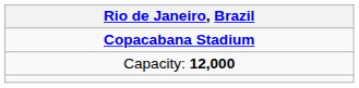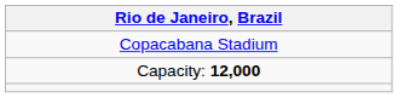 <table class=wikitable style=text-align:center width=19%>
 <tr>
 <th> <a href='#'>Rio de Janeiro</a>, <a href='#'>Brazil</a></th>
 </tr>
 <tr>
-<td><strong><a href='#'>Copacabana Stadium</a></strong></td>
+<td><a href='#'>Copacabana Stadium</a></td>
 </tr>
 <tr>
 <td>Capacity: <strong>12,000</strong></td>
 </tr>
 <tr>
 <td></td>
 </tr>
 </table>
